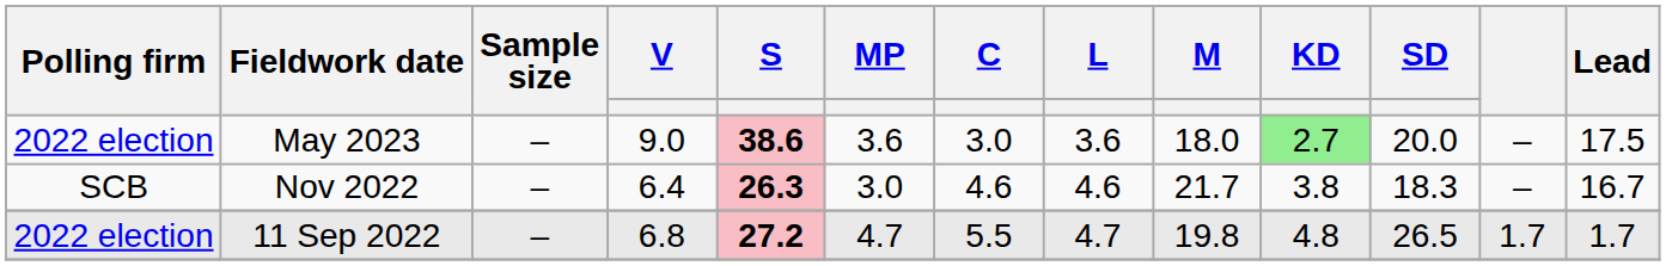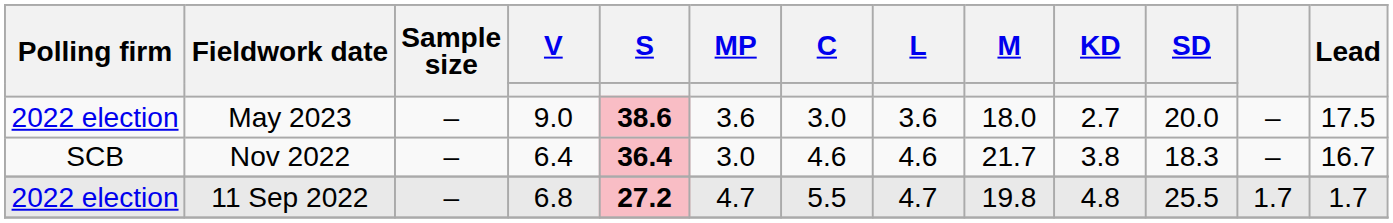 <table class="wikitable sortable" style="text-align:center;font-size:90%;line-height:14px;">
 <tr style="height:40px;">
 <th rowspan="2">Polling firm</th>
 <th rowspan="2">Fieldwork date</th>
 <th rowspan="2">Sample<br>size</th>
 <th class="sortable" style="width:40px;"><a href='#'>V</a></th>
 <th class="sortable" style="width:40px;"><a href='#'>S</a></th>
 <th class="sortable" style="width:40px;"><a href='#'>MP</a></th>
 <th class="sortable" style="width:40px;"><a href='#'>C</a></th>
 <th class="sortable" style="width:40px;"><a href='#'>L</a></th>
 <th class="sortable" style="width:40px;"><a href='#'>M</a></th>
 <th class="sortable" style="width:40px;"><a href='#'>KD</a></th>
 <th class="sortable" style="width:40px;"><a href='#'>SD</a></th>
 <th class="sortable" style="width:30px;" rowspan="2"></th>
 <th style="width:30px;" rowspan="2">Lead</th>
 </tr>
 <tr>
 <th style="background:"></th>
 <th style="background:"></th>
 <th style="background:"></th>
 <th style="background:"></th>
 <th style="background:"></th>
 <th style="background:"></th>
 <th style="background:"></th>
 <th style="background:"></th>
 </tr>
 <tr>
 <td><a href='#'>2022 election</a></td>
 <td>May 2023</td>
 <td>–</td>
 <td>9.0</td>
 <td style="background:#F9BDC5;"><strong>38.6</strong></td>
 <td>3.6</td>
 <td>3.0</td>
 <td>3.6</td>
 <td>18.0</td>
-<td style="background: lightgreen;">2.7</td>
+<td>2.7</td>
 <td>20.0</td>
 <td>–</td>
 <td style="background:">17.5</td>
 </tr>
 <tr>
 <td>SCB</td>
 <td>Nov 2022</td>
 <td>–</td>
 <td>6.4</td>
-<td style="background:#F9BDC5;"><strong>26.3</strong></td>
+<td style="background:#F9BDC5;"><strong>36.4</strong></td>
 <td>3.0</td>
 <td>4.6</td>
 <td>4.6</td>
 <td>21.7</td>
 <td>3.8</td>
 <td>18.3</td>
 <td>–</td>
 <td style="background:">16.7</td>
 </tr>
 <tr>
 </tr>
 <tr style="background:#E9E9E9;">
 <td><a href='#'>2022 election</a></td>
 <td data-sort-value="2018-09-09">11 Sep 2022</td>
 <td>–</td>
 <td>6.8</td>
 <td style="background:#F9BDC5;"><strong>27.2</strong></td>
 <td>4.7</td>
 <td>5.5</td>
 <td>4.7</td>
 <td>19.8</td>
 <td>4.8</td>
-<td>26.5</td>
+<td>25.5</td>
 <td>1.7</td>
 <td style="background:">1.7</td>
 </tr>
 <tr>
 </tr>
 </table>
